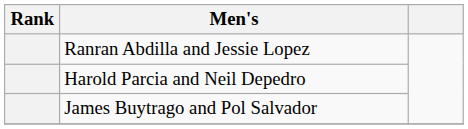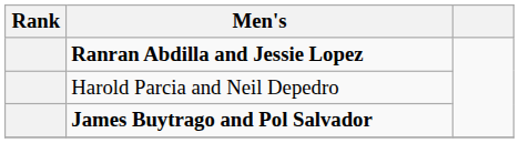 <table class="wikitable" style="text-align: center;">
 <tr>
 <th width=40>Rank</th>
 <th width=290>Men's</th>
 <th width=40></th>
 </tr>
 <tr>
 <th></th>
-<td style="text-align:left;">Ranran Abdilla and Jessie Lopez </td>
+<td style="text-align:left;"><strong>Ranran Abdilla and Jessie Lopez </strong></td>
 <td rowspan=3></td>
 </tr>
 <tr>
 <th></th>
 <td style="text-align:left;">Harold Parcia and Neil Depedro </td>
 </tr>
 <tr>
 <th></th>
-<td style="text-align:left;">James Buytrago and Pol Salvador </td>
+<td style="text-align:left;"><strong>James Buytrago and Pol Salvador </strong></td>
 </tr>
 <tr>
 </tr>
 </table>
